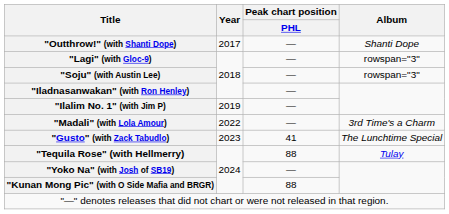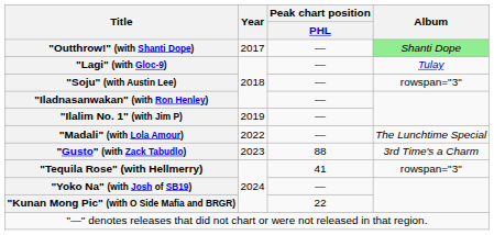 <table class="wikitable plainrowheaders" style="text-align:center;">
 <tr>
 <th rowspan="2">Title</th>
 <th rowspan="2">Year</th>
 <th>Peak chart position</th>
 <th rowspan="2">Album</th>
 </tr>
 <tr>
 <th><a href='#'>PHL</a><br></th>
 </tr>
 <tr>
 <th scope="row">"Outthrow!" <small>(with <a href='#'>Shanti Dope</a>)</small></th>
 <td>2017</td>
 <td>—</td>
-<td><em>Shanti Dope</em></td>
+<td style="background: lightgreen;"><em>Shanti Dope</em></td>
 </tr>
 <tr>
 <th scope="row">"Lagi" <small>(with <a href='#'>Gloc-9</a>)</small></th>
 <td rowspan="3">2018</td>
 <td>—</td>
-<td>rowspan="3" </td>
+<td><em><a href='#'>Tulay</a></em></td>
 </tr>
 <tr>
 <th scope="row">"Soju" <small>(with Austin Lee)</small></th>
 <td>—</td>
 <td>rowspan="3" </td>
 </tr>
 <tr>
 <th scope="row">"Iladnasanwakan" <small>(with <a href='#'>Ron Henley</a>)</small></th>
 <td>—</td>
 </tr>
 <tr>
 <th scope="row">"Ilalim No. 1" <small>(with Jim P)</small></th>
 <td>2019</td>
 <td>—</td>
 </tr>
 <tr>
 <th scope="row">"Madali" <small>(with <a href='#'>Lola Amour</a>)</small></th>
 <td>2022</td>
 <td>—</td>
-<td><em>3rd Time's a Charm</em></td>
+<td><em>The Lunchtime Special</em></td>
 </tr>
 <tr>
 <th scope="row">"<a href='#'>Gusto</a>" <small>(with <a href='#'>Zack Tabudlo</a>)</small></th>
 <td>2023</td>
-<td>41</td>
-<td><em>The Lunchtime Special</em></td>
+<td>88</td>
+<td><em>3rd Time's a Charm</em></td>
 </tr>
 <tr>
 <th scope="row">"Tequila Rose" (with Hellmerry)</th>
 <td rowspan="3">2024</td>
-<td>88</td>
-<td><em><a href='#'>Tulay</a></em></td>
+<td>41</td>
+<td>rowspan="3" </td>
 </tr>
 <tr>
 <th scope="row">"Yoko Na" <small>(with <a href='#'>Josh</a> of <a href='#'>SB19</a>)</small></th>
 <td>—</td>
 </tr>
 <tr>
 <th scope="row">"Kunan Mong Pic" <small>(with O Side Mafia and BRGR)</small></th>
-<td>88</td>
+<td>22</td>
 </tr>
 <tr>
 <td colspan="4">"—" denotes releases that did not chart or were not released in that region.</td>
 </tr>
 </table>
